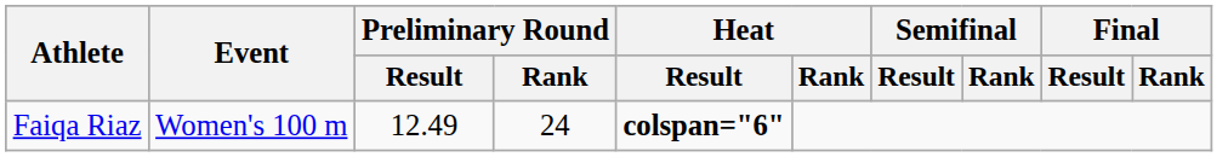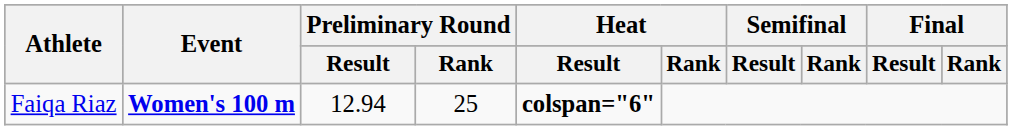 <table class="wikitable" style="font-size:90%">
 <tr>
 <th rowspan="2">Athlete</th>
 <th rowspan="2">Event</th>
 <th colspan="2">Preliminary Round</th>
 <th colspan="2">Heat</th>
 <th colspan="2">Semifinal</th>
 <th colspan="2">Final</th>
 </tr>
 <tr style="font-size:95%">
 <th>Result</th>
 <th>Rank</th>
 <th>Result</th>
 <th>Rank</th>
 <th>Result</th>
 <th>Rank</th>
 <th>Result</th>
 <th>Rank</th>
 </tr>
 <tr align=center>
 <td align=left><a href='#'>Faiqa Riaz</a></td>
-<td align=left><a href='#'>Women's 100 m</a></td>
-<td>12.49 </td>
-<td>24</td>
+<td align=left><strong><a href='#'>Women's 100 m</a></strong></td>
+<td>12.94 </td>
+<td>25</td>
 <td><strong>colspan="6" </strong></td>
 </tr>
 </table>
